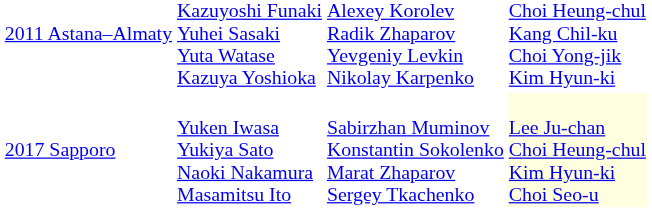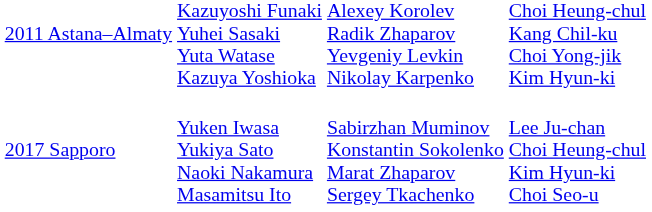 <table>
 <tr>
 <td><a href='#'>2011 Astana–Almaty</a></td>
 <td><br><a href='#'>Kazuyoshi Funaki</a><br><a href='#'>Yuhei Sasaki</a><br><a href='#'>Yuta Watase</a><br><a href='#'>Kazuya Yoshioka</a></td>
 <td><br><a href='#'>Alexey Korolev</a><br><a href='#'>Radik Zhaparov</a><br><a href='#'>Yevgeniy Levkin</a><br><a href='#'>Nikolay Karpenko</a></td>
 <td><br><a href='#'>Choi Heung-chul</a><br><a href='#'>Kang Chil-ku</a><br><a href='#'>Choi Yong-jik</a><br><a href='#'>Kim Hyun-ki</a></td>
 </tr>
 <tr>
 <td><a href='#'>2017 Sapporo</a></td>
 <td><br><a href='#'>Yuken Iwasa</a><br><a href='#'>Yukiya Sato</a><br><a href='#'>Naoki Nakamura</a><br><a href='#'>Masamitsu Ito</a></td>
 <td><br><a href='#'>Sabirzhan Muminov</a><br><a href='#'>Konstantin Sokolenko</a><br><a href='#'>Marat Zhaparov</a><br><a href='#'>Sergey Tkachenko</a></td>
-<td style="background: lightyellow;"><br><a href='#'>Lee Ju-chan</a><br><a href='#'>Choi Heung-chul</a><br><a href='#'>Kim Hyun-ki</a><br><a href='#'>Choi Seo-u</a></td>
+<td><br><a href='#'>Lee Ju-chan</a><br><a href='#'>Choi Heung-chul</a><br><a href='#'>Kim Hyun-ki</a><br><a href='#'>Choi Seo-u</a></td>
 </tr>
 </table>
